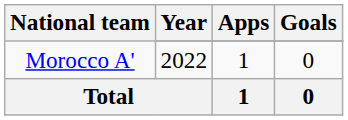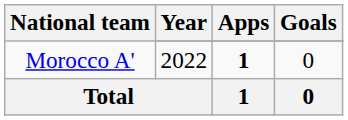 <table class="wikitable" style="text-align: center;">
 <tr>
 <th>National team</th>
 <th>Year</th>
 <th>Apps</th>
 <th>Goals</th>
 </tr>
 <tr>
 <td rowspan="2"><a href='#'>Morocco A'</a></td>
 </tr>
 <tr>
 <td>2022</td>
-<td>1</td>
+<td><strong>1</strong></td>
 <td>0</td>
 </tr>
 <tr>
 <th colspan="2">Total</th>
 <th>1</th>
 <th>0</th>
 </tr>
 </table>
